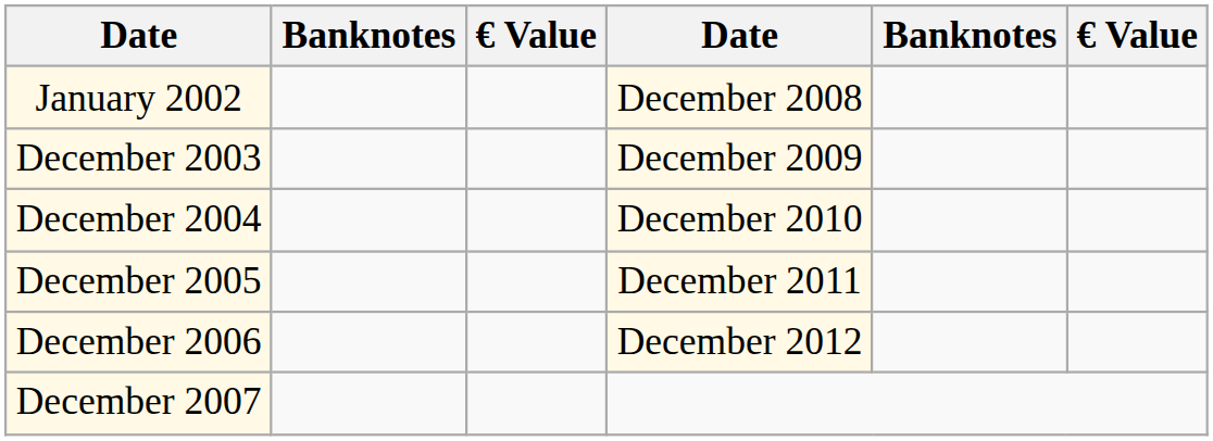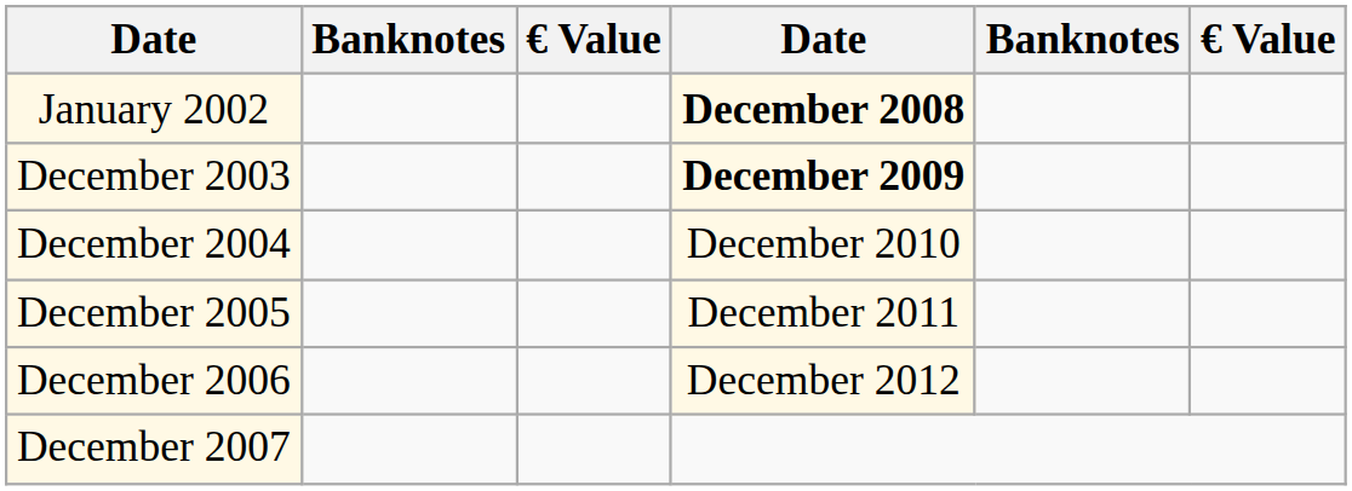 <table class="wikitable" style="border-collapse:collapse" width="80%">
 <tr>
 <th scope="col">Date</th>
 <th scope="col">Banknotes</th>
 <th scope="col">€ Value</th>
 <th scope="col">Date</th>
 <th scope="col">Banknotes</th>
 <th scope="col">€ Value</th>
 </tr>
 <tr align="center">
 <td style="background-color:#FFF9E5;">January 2002</td>
 <td></td>
 <td></td>
-<td style="background-color:#FFF9E5;">December 2008</td>
+<td style="background-color:#FFF9E5;"><strong>December 2008</strong></td>
 <td></td>
 <td></td>
 </tr>
 <tr align="center">
 <td style="background-color:#FFF9E5;">December 2003</td>
 <td></td>
 <td></td>
-<td style="background-color:#FFF9E5;">December 2009</td>
+<td style="background-color:#FFF9E5;"><strong>December 2009</strong></td>
 <td></td>
 <td></td>
 </tr>
 <tr align="center">
 <td style="background-color:#FFF9E5;">December 2004</td>
 <td></td>
 <td></td>
 <td style="background-color:#FFF9E5;">December 2010</td>
 <td></td>
 <td></td>
 </tr>
 <tr align="center">
 <td style="background-color:#FFF9E5;">December 2005</td>
 <td></td>
 <td></td>
 <td style="background-color:#FFF9E5;">December 2011</td>
 <td></td>
 <td></td>
 </tr>
 <tr align="center">
 <td style="background-color:#FFF9E5;">December 2006</td>
 <td></td>
 <td></td>
 <td style="background-color:#FFF9E5;">December 2012</td>
 <td></td>
 <td></td>
 </tr>
 <tr align="center">
 <td style="background-color:#FFF9E5;">December 2007</td>
 <td></td>
 <td></td>
 </tr>
 </table>
